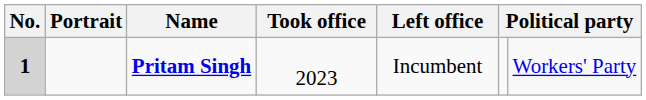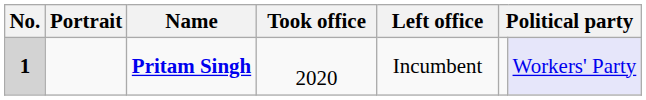 <table class="wikitable" style="text-align:center; border:1px #aaf solid;">
 <tr>
 <th>No.</th>
 <th>Portrait</th>
 <th>Name<br></th>
 <th width="85">Took office</th>
 <th width="85">Left office</th>
 <th colspan="2">Political party</th>
 </tr>
 <tr>
 <td style="background: lightgrey;"><strong>1</strong></td>
 <td></td>
 <td><a href='#'><strong>Pritam Singh</strong></a><br></td>
-<td><br>2023</td>
+<td><br>2020</td>
 <td>Incumbent</td>
 <td style="background:"></td>
-<td><a href='#'>Workers' Party</a></td>
+<td style="background: lavender;"><a href='#'>Workers' Party</a></td>
 </tr>
 </table>
